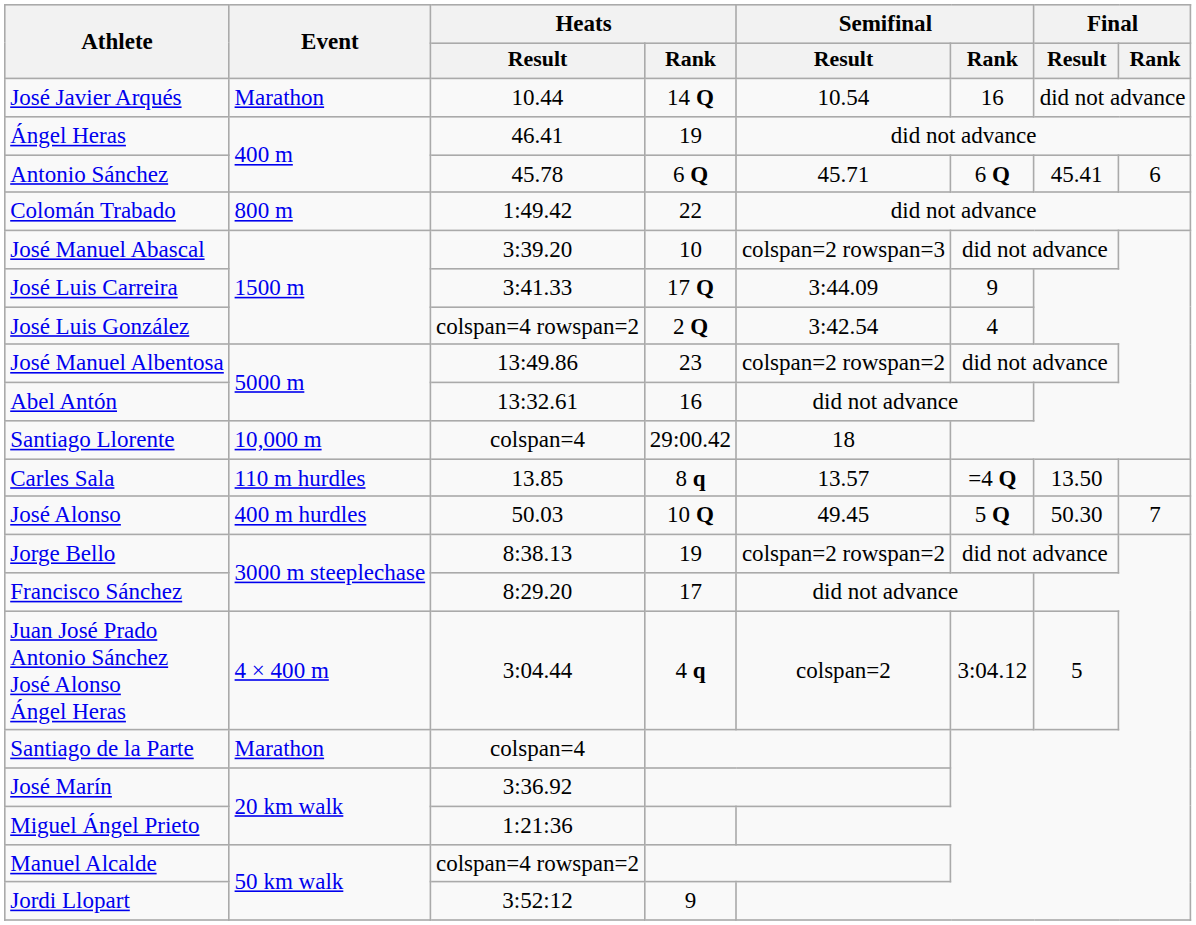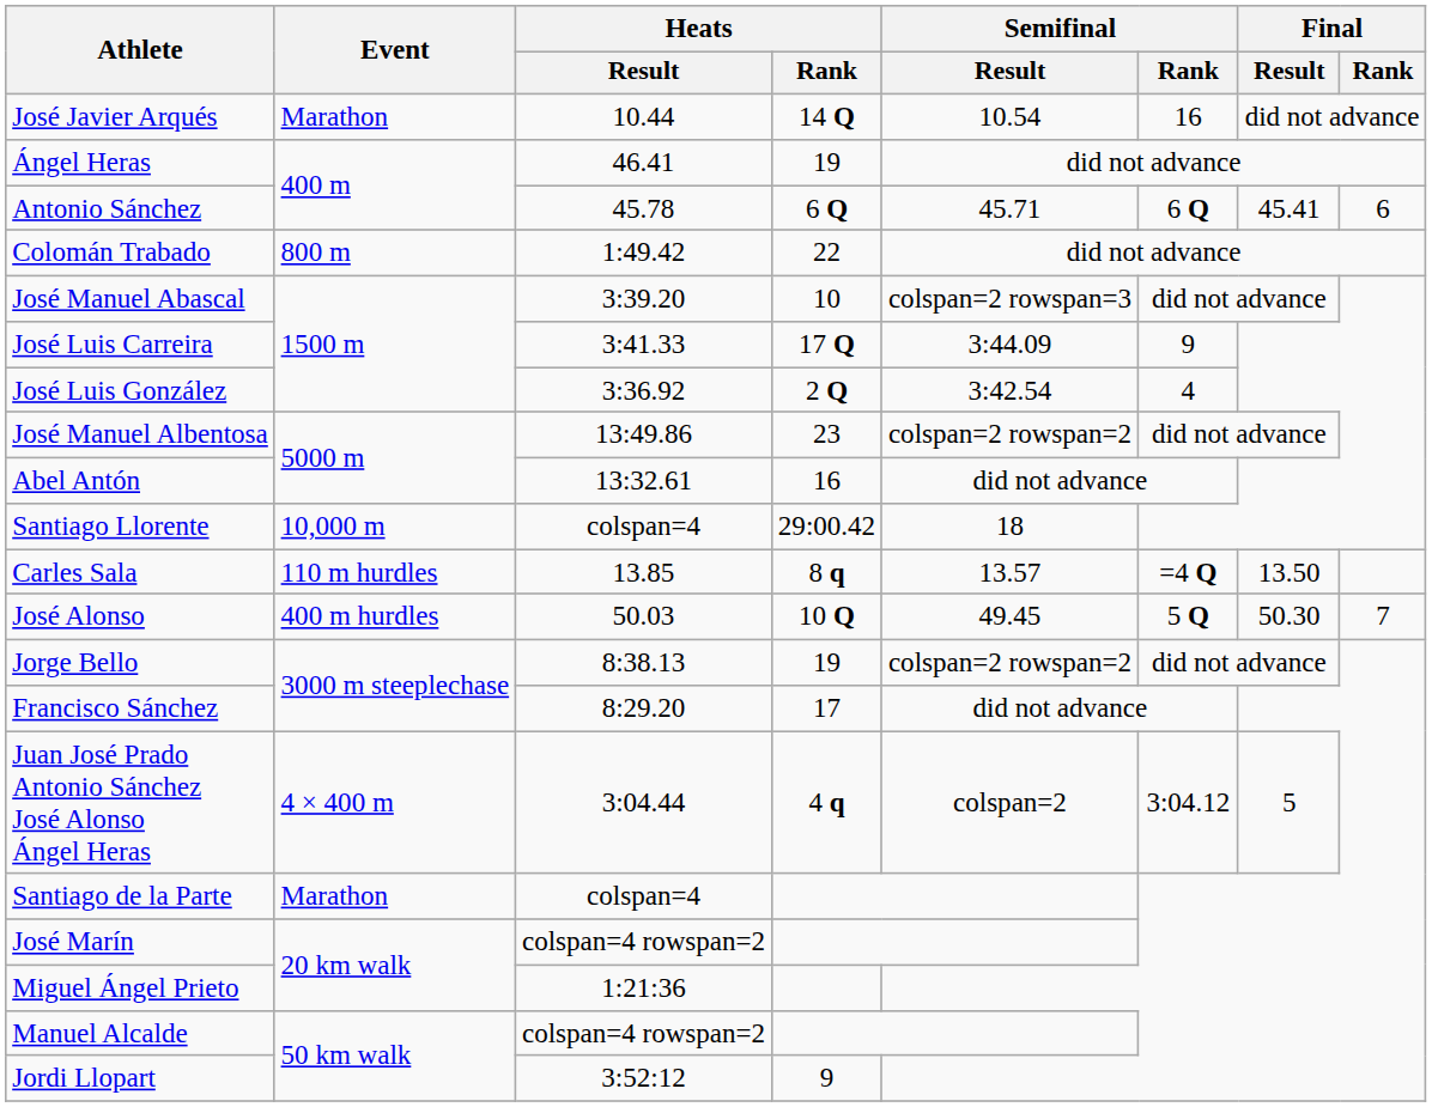 <table class="wikitable" style="font-size:90%">
 <tr>
 <th rowspan="2">Athlete</th>
 <th rowspan="2">Event</th>
 <th colspan="2">Heats</th>
 <th colspan="2">Semifinal</th>
 <th colspan="2">Final</th>
 </tr>
 <tr style="font-size:95%">
 <th>Result</th>
 <th>Rank</th>
 <th>Result</th>
 <th>Rank</th>
 <th>Result</th>
 <th>Rank</th>
 </tr>
 <tr align=center>
 <td align=left><a href='#'>José Javier Arqués</a></td>
 <td align=left><a href='#'>Marathon</a></td>
 <td>10.44</td>
 <td>14 <strong>Q</strong></td>
 <td>10.54</td>
 <td>16</td>
 <td colspan=2>did not advance</td>
 </tr>
 <tr align=center>
 <td align=left><a href='#'>Ángel Heras</a></td>
 <td align=left rowspan=2><a href='#'>400 m</a></td>
 <td>46.41</td>
 <td>19</td>
 <td colspan=4>did not advance</td>
 </tr>
 <tr align=center>
 <td align=left><a href='#'>Antonio Sánchez</a></td>
 <td>45.78</td>
 <td>6 <strong>Q</strong></td>
 <td>45.71</td>
 <td>6 <strong>Q</strong></td>
 <td>45.41 <strong></strong></td>
 <td>6</td>
 </tr>
 <tr align=center>
 <td align=left><a href='#'>Colomán Trabado</a></td>
 <td align=left><a href='#'>800 m</a></td>
 <td>1:49.42</td>
 <td>22</td>
 <td colspan=4>did not advance</td>
 </tr>
 <tr align=center>
 <td align=left><a href='#'>José Manuel Abascal</a></td>
 <td align=left rowspan=3><a href='#'>1500 m</a></td>
 <td>3:39.20</td>
 <td>10</td>
 <td>colspan=2 rowspan=3 </td>
 <td colspan=2>did not advance</td>
 </tr>
 <tr align=center>
 <td align=left><a href='#'>José Luis Carreira</a></td>
 <td>3:41.33</td>
 <td>17 <strong>Q</strong></td>
 <td>3:44.09</td>
 <td>9</td>
 </tr>
 <tr align=center>
 <td align=left><a href='#'>José Luis González</a></td>
-<td>colspan=4 rowspan=2 </td>
+<td>3:36.92</td>
 <td>2 <strong>Q</strong></td>
 <td>3:42.54</td>
 <td>4</td>
 </tr>
 <tr align=center>
 <td align=left><a href='#'>José Manuel Albentosa</a></td>
 <td align=left rowspan=2><a href='#'>5000 m</a></td>
 <td>13:49.86</td>
 <td>23</td>
 <td>colspan=2 rowspan=2 </td>
 <td colspan=2>did not advance</td>
 </tr>
 <tr align=center>
 <td align=left><a href='#'>Abel Antón</a></td>
 <td>13:32.61</td>
 <td>16</td>
 <td colspan=2>did not advance</td>
 </tr>
 <tr align=center>
 <td align=left><a href='#'>Santiago Llorente</a></td>
 <td align=left><a href='#'>10,000 m</a></td>
 <td>colspan=4 </td>
 <td>29:00.42</td>
 <td>18</td>
 </tr>
 <tr align=center>
 <td align=left><a href='#'>Carles Sala</a></td>
 <td align=left><a href='#'>110 m hurdles</a></td>
 <td>13.85</td>
 <td>8 <strong>q</strong></td>
 <td>13.57</td>
 <td>=4 <strong>Q</strong></td>
 <td>13.50</td>
 <td></td>
 </tr>
 <tr align=center>
 <td align=left><a href='#'>José Alonso</a></td>
 <td align=left><a href='#'>400 m hurdles</a></td>
 <td>50.03</td>
 <td>10 <strong>Q</strong></td>
 <td>49.45</td>
 <td>5 <strong>Q</strong></td>
 <td>50.30</td>
 <td>7</td>
 </tr>
 <tr align=center>
 <td align=left><a href='#'>Jorge Bello</a></td>
 <td align=left rowspan=2><a href='#'>3000 m steeplechase</a></td>
 <td>8:38.13</td>
 <td>19</td>
 <td>colspan=2 rowspan=2 </td>
 <td colspan=2>did not advance</td>
 </tr>
 <tr align=center>
 <td align=left><a href='#'>Francisco Sánchez</a></td>
 <td>8:29.20</td>
 <td>17</td>
 <td colspan=2>did not advance</td>
 </tr>
 <tr align=center>
 <td align=left><a href='#'>Juan José Prado</a><br><a href='#'>Antonio Sánchez</a><br><a href='#'>José Alonso</a><br><a href='#'>Ángel Heras</a></td>
 <td align=left><a href='#'>4 × 400 m</a></td>
 <td>3:04.44</td>
 <td>4 <strong>q</strong></td>
 <td>colspan=2 </td>
 <td>3:04.12</td>
 <td>5</td>
 </tr>
 <tr align=center>
 <td align=left><a href='#'>Santiago de la Parte</a></td>
 <td align=left><a href='#'>Marathon</a></td>
 <td>colspan=4 </td>
 <td colspan=2></td>
 </tr>
 <tr align=center>
 <td align=left><a href='#'>José Marín</a></td>
 <td align=left rowspan=2><a href='#'>20 km walk</a></td>
-<td>3:36.92</td>
+<td>colspan=4 rowspan=2 </td>
 <td colspan=2></td>
 </tr>
 <tr align=center>
 <td align=left><a href='#'>Miguel Ángel Prieto</a></td>
 <td>1:21:36</td>
 <td></td>
 </tr>
 <tr align=center>
 <td align=left><a href='#'>Manuel Alcalde</a></td>
 <td align=left rowspan=2><a href='#'>50 km walk</a></td>
 <td>colspan=4 rowspan=2 </td>
 <td colspan=2></td>
 </tr>
 <tr align=center>
 <td align=left><a href='#'>Jordi Llopart</a></td>
 <td>3:52:12</td>
 <td>9</td>
 </tr>
 </table>
